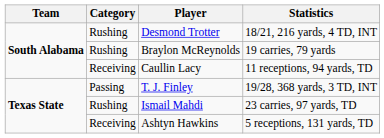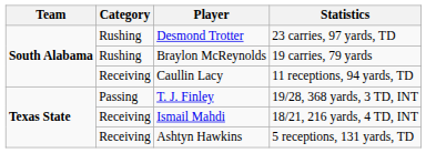 <table class="wikitable" style="float: right;">
 <tr>
 <th>Team</th>
 <th>Category</th>
 <th>Player</th>
 <th>Statistics</th>
 </tr>
 <tr>
 <td rowspan=3><strong>South Alabama</strong></td>
 <td>Rushing</td>
 <td><a href='#'>Desmond Trotter</a></td>
-<td>18/21, 216 yards, 4 TD, INT</td>
+<td>23 carries, 97 yards, TD</td>
 </tr>
 <tr>
 <td>Rushing</td>
 <td>Braylon McReynolds</td>
 <td>19 carries, 79 yards</td>
 </tr>
 <tr>
 <td>Receiving</td>
 <td>Caullin Lacy</td>
 <td>11 receptions, 94 yards, TD</td>
 </tr>
 <tr>
 <td rowspan=3><strong>Texas State</strong></td>
 <td>Passing</td>
 <td><a href='#'>T. J. Finley</a></td>
 <td>19/28, 368 yards, 3 TD, INT</td>
 </tr>
 <tr>
-<td>Rushing</td>
+<td>Receiving</td>
 <td><a href='#'>Ismail Mahdi</a></td>
-<td>23 carries, 97 yards, TD</td>
+<td>18/21, 216 yards, 4 TD, INT</td>
 </tr>
 <tr>
 <td>Receiving</td>
 <td>Ashtyn Hawkins</td>
 <td>5 receptions, 131 yards, TD</td>
 </tr>
 </table>
